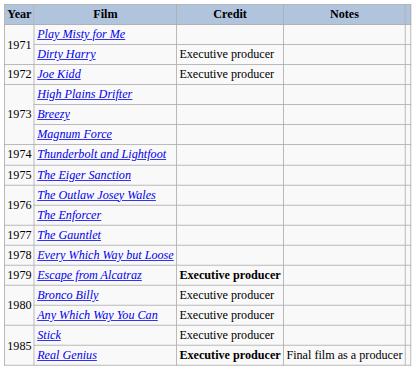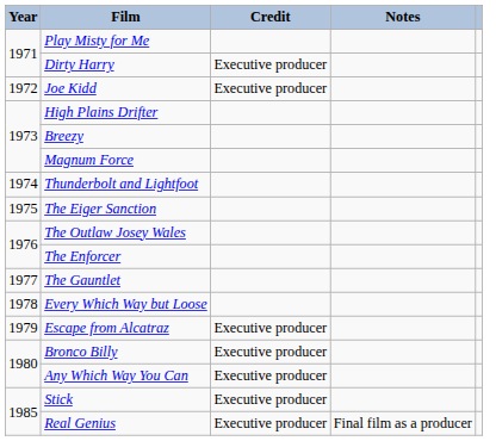 <table class="wikitable" style="font-size:95%;">
 <tr>
 <th style="background:#B0C4DE;">Year</th>
 <th style="background:#B0C4DE;">Film</th>
 <th style="background:#B0C4DE;">Credit</th>
 <th style="background:#B0C4DE;">Notes</th>
 <th style="background:#B0C4DE;"></th>
 </tr>
 <tr>
 <td rowspan=2>1971</td>
 <td><em><a href='#'>Play Misty for Me</a></em></td>
 <td></td>
 <td></td>
 <td></td>
 </tr>
 <tr>
 <td><em><a href='#'>Dirty Harry</a></em></td>
 <td>Executive producer</td>
 <td></td>
 <td></td>
 </tr>
 <tr>
 <td>1972</td>
 <td><em><a href='#'>Joe Kidd</a></em></td>
 <td>Executive producer</td>
 <td></td>
 <td></td>
 </tr>
 <tr>
 <td rowspan=3>1973</td>
 <td><em><a href='#'>High Plains Drifter</a></em></td>
 <td></td>
 <td></td>
 <td></td>
 </tr>
 <tr>
 <td><em><a href='#'>Breezy</a></em></td>
 <td></td>
 <td></td>
 <td></td>
 </tr>
 <tr>
 <td><em><a href='#'>Magnum Force</a></em></td>
 <td></td>
 <td></td>
 <td></td>
 </tr>
 <tr>
 <td>1974</td>
 <td><em><a href='#'>Thunderbolt and Lightfoot</a></em></td>
 <td></td>
 <td></td>
 <td></td>
 </tr>
 <tr>
 <td>1975</td>
 <td><em><a href='#'>The Eiger Sanction</a></em></td>
 <td></td>
 <td></td>
 <td></td>
 </tr>
 <tr>
 <td rowspan=2>1976</td>
 <td><em><a href='#'>The Outlaw Josey Wales</a></em></td>
 <td></td>
 <td></td>
 <td></td>
 </tr>
 <tr>
 <td><em><a href='#'>The Enforcer</a></em></td>
 <td></td>
 <td></td>
 <td></td>
 </tr>
 <tr>
 <td>1977</td>
 <td><em><a href='#'>The Gauntlet</a></em></td>
 <td></td>
 <td></td>
 <td></td>
 </tr>
 <tr>
 <td>1978</td>
 <td><em><a href='#'>Every Which Way but Loose</a></em></td>
 <td></td>
 <td></td>
 <td></td>
 </tr>
 <tr>
 <td>1979</td>
 <td><em><a href='#'>Escape from Alcatraz</a></em></td>
-<td><strong>Executive producer</strong></td>
+<td>Executive producer</td>
 <td></td>
 <td></td>
 </tr>
 <tr>
 <td rowspan=2>1980</td>
 <td><em><a href='#'>Bronco Billy</a></em></td>
 <td>Executive producer</td>
 <td></td>
 <td></td>
 </tr>
 <tr>
 <td><em><a href='#'>Any Which Way You Can</a></em></td>
 <td>Executive producer</td>
 <td></td>
 <td></td>
 </tr>
 <tr>
 <td rowspan=2>1985</td>
 <td><em><a href='#'>Stick</a></em></td>
 <td>Executive producer</td>
 <td></td>
 <td></td>
 </tr>
 <tr>
 <td><em><a href='#'>Real Genius</a></em></td>
-<td><strong>Executive producer</strong></td>
+<td>Executive producer</td>
 <td>Final film as a producer</td>
 <td></td>
 </tr>
 </table>
